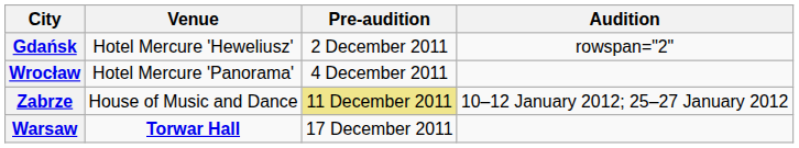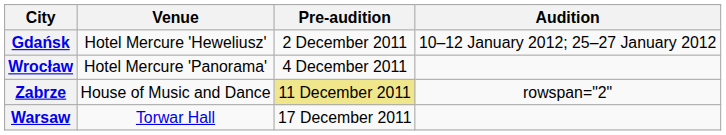 <table class="wikitable" style="font-size:90%; text-align:center">
 <tr>
 <th>City</th>
 <th>Venue</th>
 <th>Pre-audition</th>
 <th>Audition</th>
 </tr>
 <tr>
 <th><a href='#'>Gdańsk</a></th>
 <td>Hotel Mercure 'Heweliusz'</td>
 <td>2 December 2011</td>
-<td>rowspan="2" </td>
+<td>10–12 January 2012; 25–27 January 2012</td>
 </tr>
 <tr>
 <th><a href='#'>Wrocław</a></th>
 <td>Hotel Mercure 'Panorama'</td>
 <td>4 December 2011</td>
 </tr>
 <tr>
 <th><a href='#'>Zabrze</a></th>
 <td>House of Music and Dance</td>
 <td style="background: khaki;">11 December 2011</td>
-<td>10–12 January 2012; 25–27 January 2012</td>
+<td>rowspan="2" </td>
 </tr>
 <tr>
 <th><a href='#'>Warsaw</a></th>
-<td><strong><a href='#'>Torwar Hall</a></strong></td>
+<td><a href='#'>Torwar Hall</a></td>
 <td>17 December 2011</td>
 <td></td>
 </tr>
 </table>
